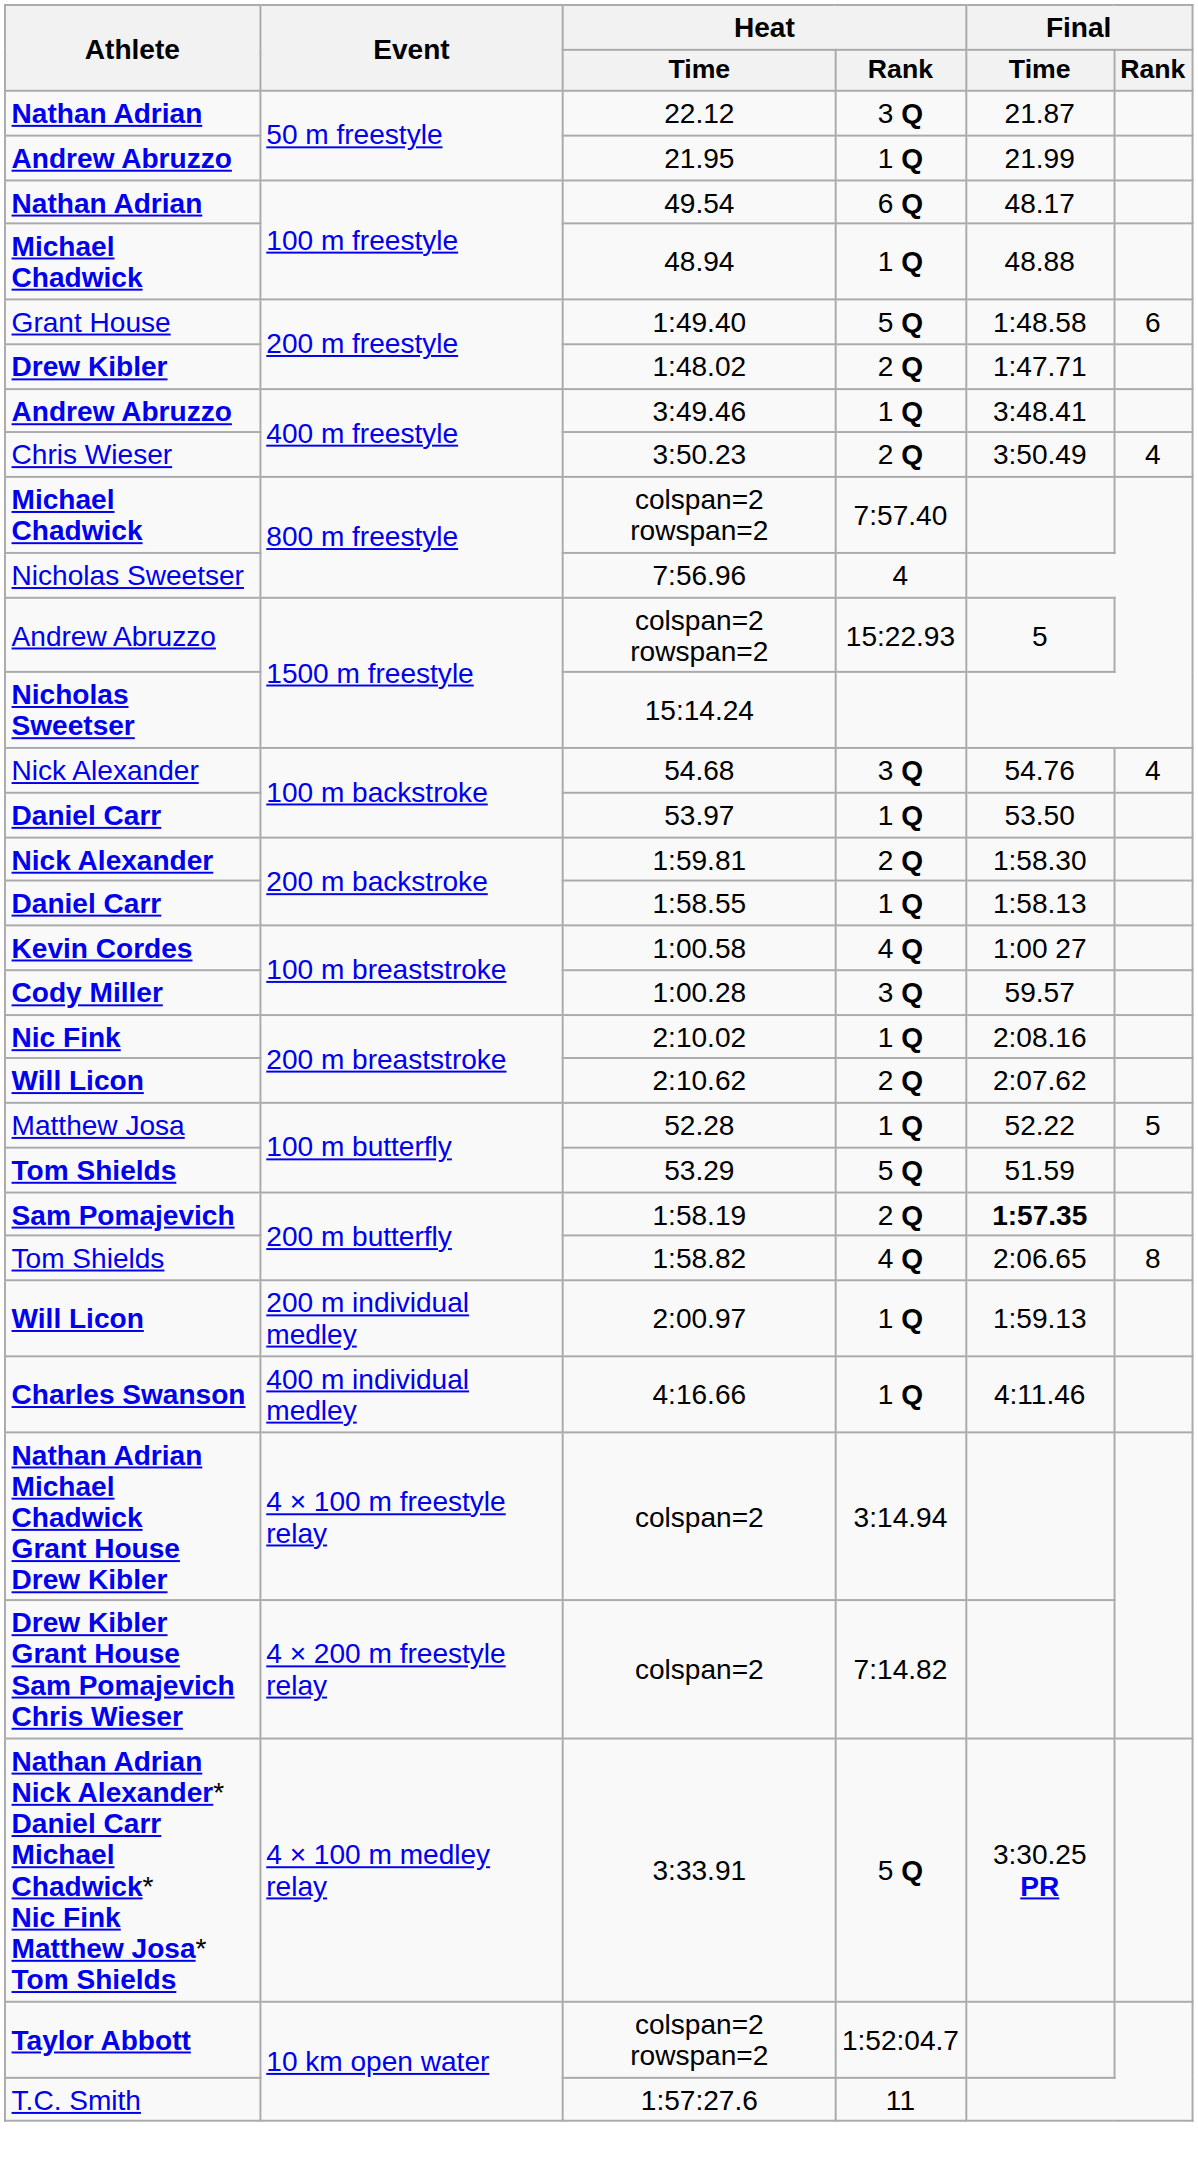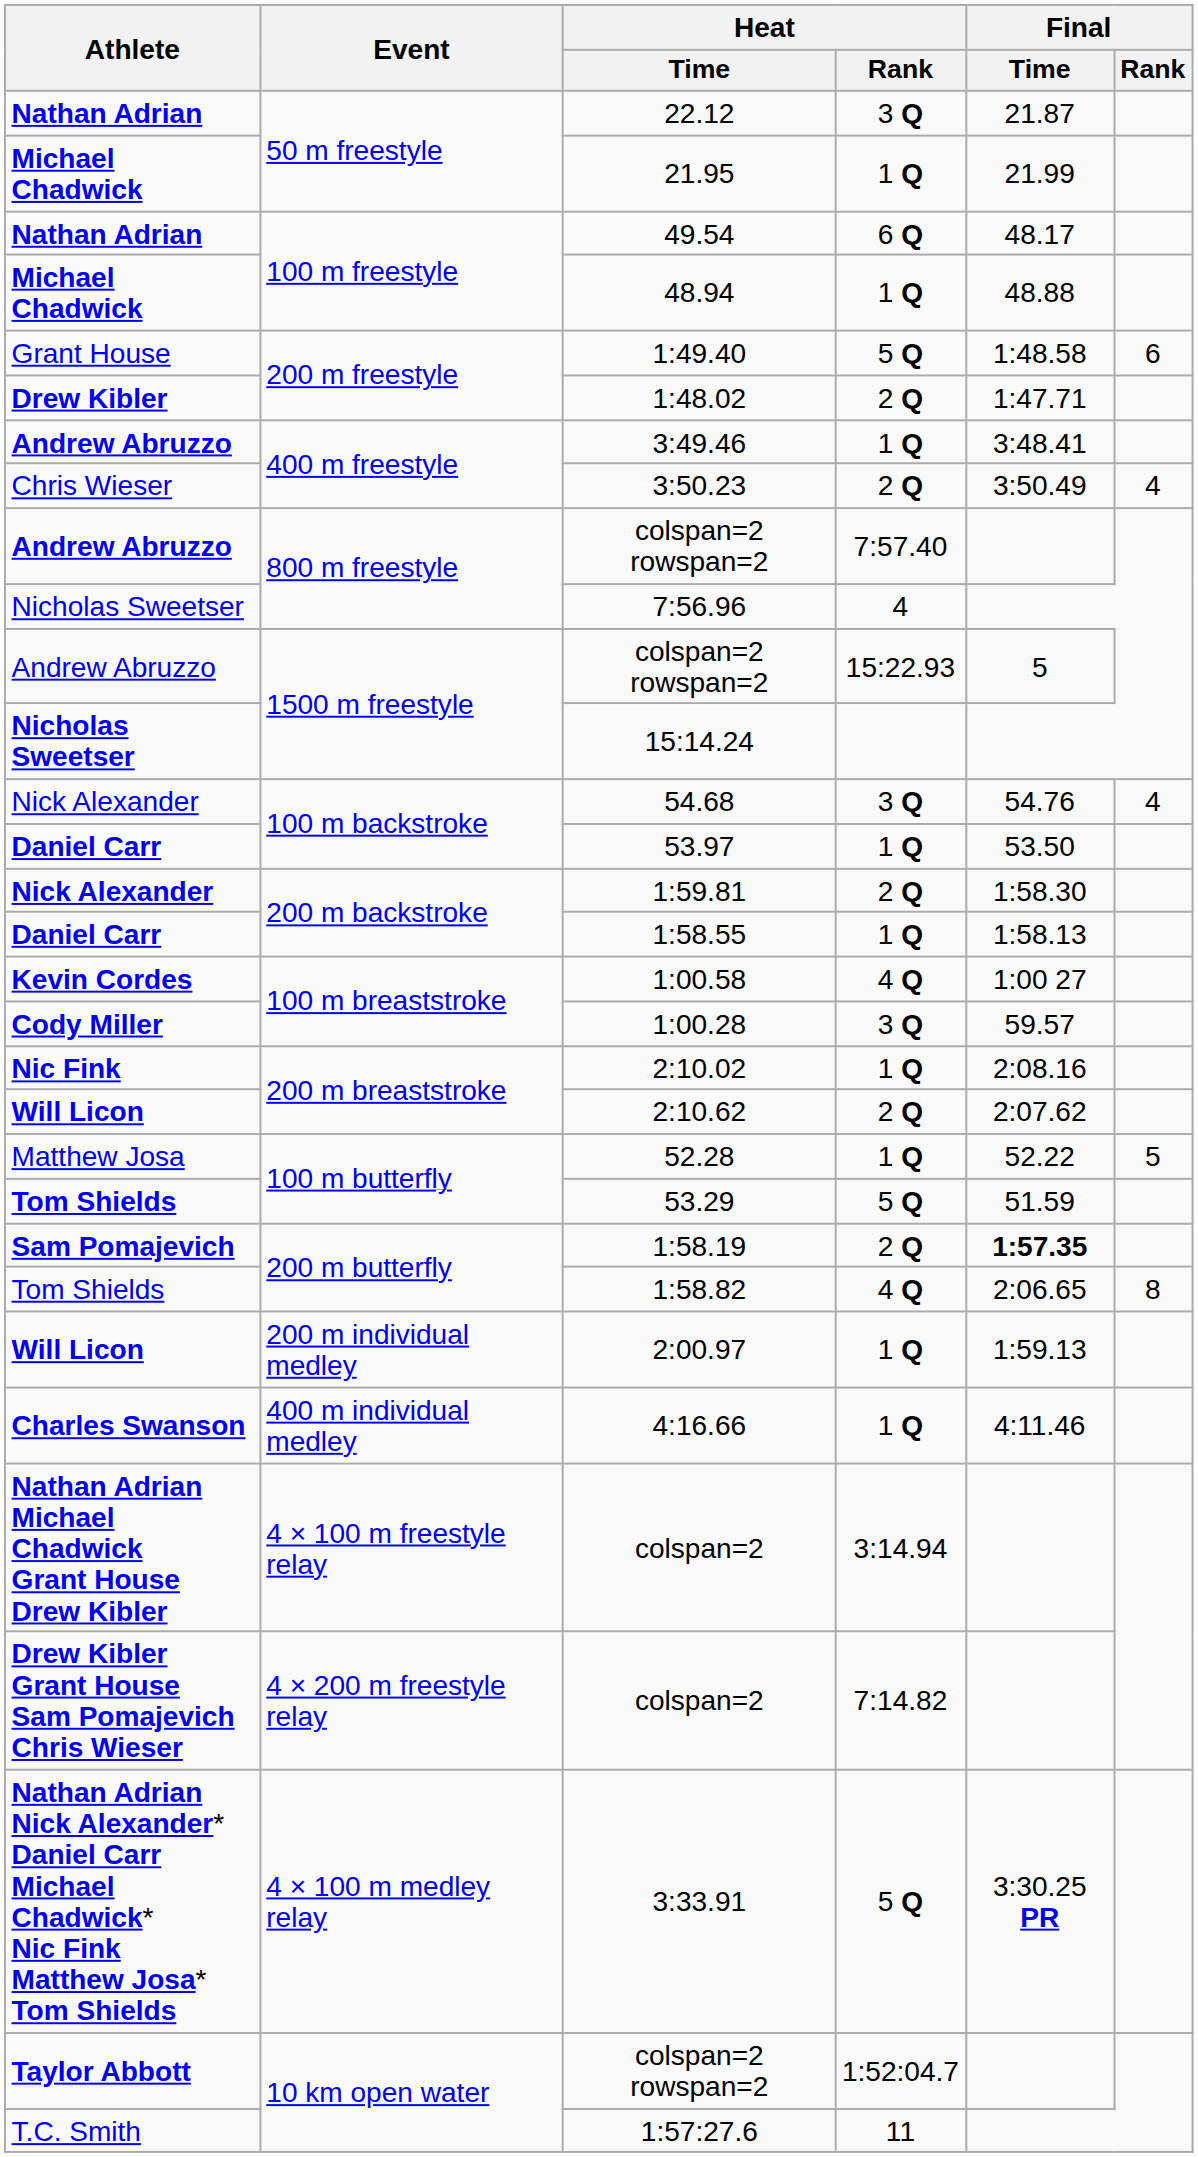 <table class=wikitable style=font-size:90%;text-align:center>
 <tr>
 <th rowspan=2>Athlete</th>
 <th rowspan=2>Event</th>
 <th colspan=2>Heat</th>
 <th colspan=2>Final</th>
 </tr>
 <tr style=font-size:95%>
 <th>Time</th>
 <th>Rank</th>
 <th>Time</th>
 <th>Rank</th>
 </tr>
 <tr>
 <td align=left><strong><a href='#'>Nathan Adrian</a></strong></td>
 <td align=left rowspan=2><a href='#'>50 m freestyle</a></td>
 <td>22.12</td>
 <td>3 <strong>Q</strong></td>
 <td>21.87</td>
 <td></td>
 </tr>
 <tr>
-<td align=left><strong><a href='#'>Andrew Abruzzo</a></strong></td>
+<td align=left><strong><a href='#'>Michael Chadwick</a></strong></td>
 <td>21.95</td>
 <td>1 <strong>Q</strong></td>
 <td>21.99</td>
 <td></td>
 </tr>
 <tr>
 <td align=left><strong><a href='#'>Nathan Adrian</a></strong></td>
 <td align=left rowspan=2><a href='#'>100 m freestyle</a></td>
 <td>49.54</td>
 <td>6 <strong>Q</strong></td>
 <td>48.17</td>
 <td></td>
 </tr>
 <tr>
 <td align=left><strong><a href='#'>Michael Chadwick</a></strong></td>
 <td>48.94</td>
 <td>1 <strong>Q</strong></td>
 <td>48.88</td>
 <td></td>
 </tr>
 <tr>
 <td align=left><a href='#'>Grant House</a></td>
 <td align=left rowspan=2><a href='#'>200 m freestyle</a></td>
 <td>1:49.40</td>
 <td>5 <strong>Q</strong></td>
 <td>1:48.58</td>
 <td>6</td>
 </tr>
 <tr>
 <td align=left><strong><a href='#'>Drew Kibler</a></strong></td>
 <td>1:48.02</td>
 <td>2 <strong>Q</strong></td>
 <td>1:47.71</td>
 <td></td>
 </tr>
 <tr>
 <td align=left><strong><a href='#'>Andrew Abruzzo</a></strong></td>
 <td align=left rowspan=2><a href='#'>400 m freestyle</a></td>
 <td>3:49.46</td>
 <td>1 <strong>Q</strong></td>
 <td>3:48.41</td>
 <td></td>
 </tr>
 <tr>
 <td align=left><a href='#'>Chris Wieser</a></td>
 <td>3:50.23</td>
 <td>2 <strong>Q</strong></td>
 <td>3:50.49</td>
 <td>4</td>
 </tr>
 <tr>
-<td align=left><strong><a href='#'>Michael Chadwick</a></strong></td>
+<td align=left><strong><a href='#'>Andrew Abruzzo</a></strong></td>
 <td align=left rowspan=2><a href='#'>800 m freestyle</a></td>
 <td>colspan=2 rowspan=2 </td>
 <td>7:57.40</td>
 <td></td>
 </tr>
 <tr>
 <td align=left><a href='#'>Nicholas Sweetser</a></td>
 <td>7:56.96</td>
 <td>4</td>
 </tr>
 <tr>
 <td align=left><a href='#'>Andrew Abruzzo</a></td>
 <td align=left rowspan=2><a href='#'>1500 m freestyle</a></td>
 <td>colspan=2 rowspan=2 </td>
 <td>15:22.93</td>
 <td>5</td>
 </tr>
 <tr>
 <td align=left><strong><a href='#'>Nicholas Sweetser</a></strong></td>
 <td>15:14.24</td>
 <td></td>
 </tr>
 <tr>
 <td align=left><a href='#'>Nick Alexander</a></td>
 <td align=left rowspan=2><a href='#'>100 m backstroke</a></td>
 <td>54.68</td>
 <td>3 <strong>Q</strong></td>
 <td>54.76</td>
 <td>4</td>
 </tr>
 <tr>
 <td align=left><strong><a href='#'>Daniel Carr</a></strong></td>
 <td>53.97</td>
 <td>1 <strong>Q</strong></td>
 <td>53.50</td>
 <td></td>
 </tr>
 <tr>
 <td align=left><strong><a href='#'>Nick Alexander</a></strong></td>
 <td align=left rowspan=2><a href='#'>200 m backstroke</a></td>
 <td>1:59.81</td>
 <td>2 <strong>Q</strong></td>
 <td>1:58.30</td>
 <td></td>
 </tr>
 <tr>
 <td align=left><strong><a href='#'>Daniel Carr</a></strong></td>
 <td>1:58.55</td>
 <td>1 <strong>Q</strong></td>
 <td>1:58.13</td>
 <td></td>
 </tr>
 <tr>
 <td align=left><strong><a href='#'>Kevin Cordes</a></strong></td>
 <td align=left rowspan=2><a href='#'>100 m breaststroke</a></td>
 <td>1:00.58</td>
 <td>4 <strong>Q</strong></td>
 <td>1:00 27</td>
 <td></td>
 </tr>
 <tr>
 <td align=left><strong><a href='#'>Cody Miller</a></strong></td>
 <td>1:00.28</td>
 <td>3 <strong>Q</strong></td>
 <td>59.57</td>
 <td></td>
 </tr>
 <tr>
 <td align=left><strong><a href='#'>Nic Fink</a></strong></td>
 <td align=left rowspan=2><a href='#'>200 m breaststroke</a></td>
 <td>2:10.02</td>
 <td>1 <strong>Q</strong></td>
 <td>2:08.16</td>
 <td></td>
 </tr>
 <tr>
 <td align=left><strong><a href='#'>Will Licon</a></strong></td>
 <td>2:10.62</td>
 <td>2 <strong>Q</strong></td>
 <td>2:07.62</td>
 <td></td>
 </tr>
 <tr>
 <td align=left><a href='#'>Matthew Josa</a></td>
 <td align=left rowspan=2><a href='#'>100 m butterfly</a></td>
 <td>52.28</td>
 <td>1 <strong>Q</strong></td>
 <td>52.22</td>
 <td>5</td>
 </tr>
 <tr>
 <td align=left><strong><a href='#'>Tom Shields</a></strong></td>
 <td>53.29</td>
 <td>5 <strong>Q</strong></td>
 <td>51.59</td>
 <td></td>
 </tr>
 <tr>
 <td align=left><strong><a href='#'>Sam Pomajevich</a></strong></td>
 <td align=left rowspan=2><a href='#'>200 m butterfly</a></td>
 <td>1:58.19</td>
 <td>2 <strong>Q</strong></td>
 <td><strong>1:57.35</strong></td>
 <td></td>
 </tr>
 <tr>
 <td align=left><a href='#'>Tom Shields</a></td>
 <td>1:58.82</td>
 <td>4 <strong>Q</strong></td>
 <td>2:06.65</td>
 <td>8</td>
 </tr>
 <tr>
 <td align=left><strong><a href='#'>Will Licon</a></strong></td>
 <td align=left><a href='#'>200 m individual medley</a></td>
 <td>2:00.97</td>
 <td>1 <strong>Q</strong></td>
 <td>1:59.13</td>
 <td></td>
 </tr>
 <tr>
 <td align=left><strong><a href='#'>Charles Swanson</a></strong></td>
 <td align=left><a href='#'>400 m individual medley</a></td>
 <td>4:16.66</td>
 <td>1 <strong>Q</strong></td>
 <td>4:11.46</td>
 <td></td>
 </tr>
 <tr>
 <td align=left><strong><a href='#'>Nathan Adrian</a><br><a href='#'>Michael Chadwick</a><br><a href='#'>Grant House</a><br><a href='#'>Drew Kibler</a></strong></td>
 <td align=left><a href='#'>4 × 100 m freestyle relay</a></td>
 <td>colspan=2 </td>
 <td>3:14.94</td>
 <td></td>
 </tr>
 <tr>
 <td align=left><strong><a href='#'>Drew Kibler</a><br><a href='#'>Grant House</a><br><a href='#'>Sam Pomajevich</a><br><a href='#'>Chris Wieser</a></strong></td>
 <td align=left><a href='#'>4 × 200 m freestyle relay</a></td>
 <td>colspan=2 </td>
 <td>7:14.82</td>
 <td></td>
 </tr>
 <tr>
 <td align=left><strong><a href='#'>Nathan Adrian</a><br><a href='#'>Nick Alexander</a></strong>*<strong><br><a href='#'>Daniel Carr</a><br><a href='#'>Michael Chadwick</a></strong>*<strong><br><a href='#'>Nic Fink</a><br><a href='#'>Matthew Josa</a></strong>*<strong><br><a href='#'>Tom Shields</a></strong></td>
 <td align=left><a href='#'>4 × 100 m medley relay</a></td>
 <td>3:33.91</td>
 <td>5 <strong>Q</strong></td>
 <td>3:30.25 <strong><a href='#'>PR</a></strong></td>
 <td></td>
 </tr>
 <tr>
 <td align=left><strong><a href='#'>Taylor Abbott</a></strong></td>
 <td align=left rowspan=2><a href='#'>10 km open water</a></td>
 <td>colspan=2 rowspan=2 </td>
 <td>1:52:04.7</td>
 <td></td>
 </tr>
 <tr>
 <td align=left><a href='#'>T.C. Smith</a></td>
 <td>1:57:27.6</td>
 <td>11</td>
 </tr>
 </table>
